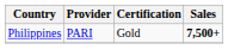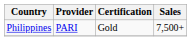 <table class="wikitable sortable">
 <tr>
 <th>Country</th>
 <th>Provider</th>
 <th>Certification</th>
 <th>Sales</th>
 </tr>
 <tr>
 <td><a href='#'>Philippines</a></td>
 <td><a href='#'>PARI</a></td>
 <td>Gold</td>
-<td><strong>7,500+</strong></td>
+<td>7,500+</td>
 </tr>
 <tr>
 </tr>
 </table>
